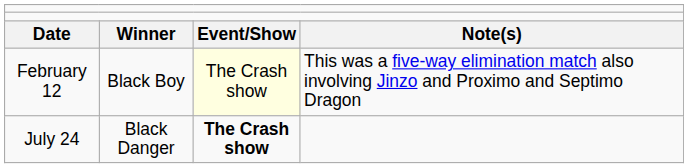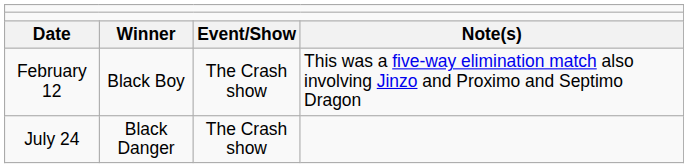 <table class="wikitable" style="text-align:center; width:100%;">
 <tr>
 <td colspan="5"></td>
 </tr>
 <tr>
 <td colspan="5"><strong></strong></td>
 </tr>
 <tr>
 <th width=14%>Date</th>
 <th width=14%>Winner</th>
 <th width=14%>Event/Show</th>
 <th width=58%>Note(s)</th>
 </tr>
 <tr>
 <td>February 12</td>
 <td>Black Boy</td>
-<td style="background: lightyellow;">The Crash show</td>
+<td>The Crash show</td>
 <td align=left>This was a <a href='#'>five-way elimination match</a> also involving <a href='#'>Jinzo</a> and Proximo and Septimo Dragon</td>
 </tr>
 <tr>
 <td>July 24</td>
 <td>Black Danger</td>
-<td><strong>The Crash show</strong></td>
+<td>The Crash show</td>
 <td align=left></td>
 </tr>
 </table>
